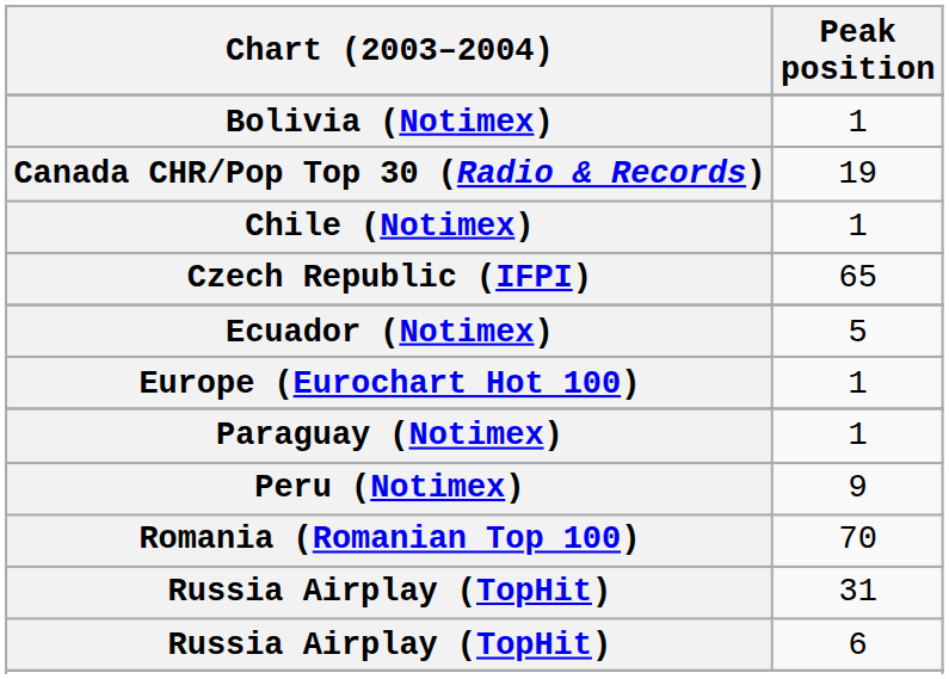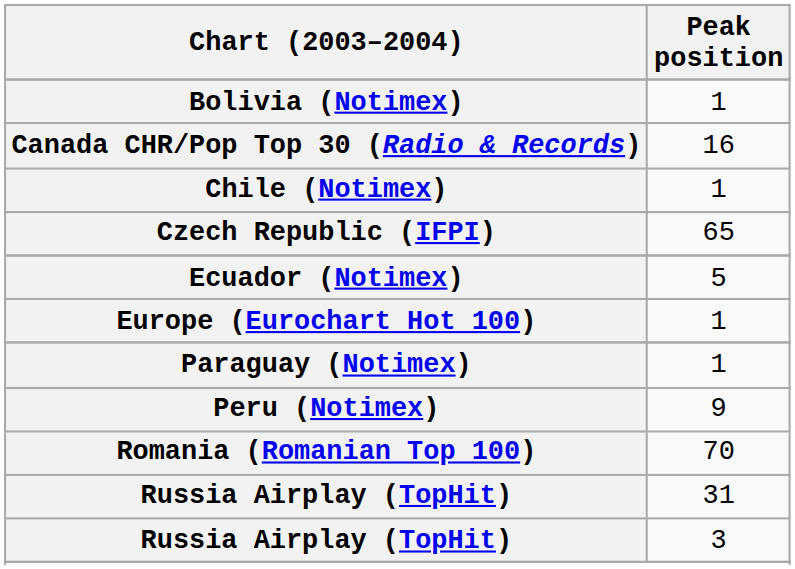 <table class="wikitable sortable plainrowheaders" style="text-align:center">
 <tr>
 <th scope="col">Chart (2003–2004)</th>
 <th scope="col">Peak<br>position</th>
 </tr>
 <tr>
 </tr>
 <tr>
 </tr>
 <tr>
 </tr>
 <tr>
 </tr>
 <tr>
 <th scope="row">Bolivia (<a href='#'>Notimex</a>)</th>
 <td>1</td>
 </tr>
 <tr>
 <th scope="row">Canada CHR/Pop Top 30 (<em><a href='#'>Radio & Records</a></em>)</th>
-<td>19</td>
+<td>16</td>
 </tr>
 <tr>
 <th scope="row">Chile (<a href='#'>Notimex</a>)</th>
 <td>1</td>
 </tr>
 <tr>
 </tr>
 <tr>
 </tr>
 <tr>
 <th scope="row">Czech Republic (<a href='#'>IFPI</a>)</th>
 <td>65</td>
 </tr>
 <tr>
 </tr>
 <tr>
 <th scope="row">Ecuador (<a href='#'>Notimex</a>)</th>
 <td>5</td>
 </tr>
 <tr>
 <th scope="row">Europe (<a href='#'>Eurochart Hot 100</a>)</th>
 <td>1</td>
 </tr>
 <tr>
 </tr>
 <tr>
 </tr>
 <tr>
 </tr>
 <tr>
 </tr>
 <tr>
 </tr>
 <tr>
 </tr>
 <tr>
 </tr>
 <tr>
 </tr>
 <tr>
 </tr>
 <tr>
 </tr>
 <tr>
 <th scope="row">Paraguay (<a href='#'>Notimex</a>)</th>
 <td>1</td>
 </tr>
 <tr>
 <th scope="row">Peru (<a href='#'>Notimex</a>)</th>
 <td>9</td>
 </tr>
 <tr>
 <th scope="row">Romania (<a href='#'>Romanian Top 100</a>)</th>
 <td>70</td>
 </tr>
 <tr>
 <th scope="row">Russia Airplay (<a href='#'>TopHit</a>)</th>
 <td>31</td>
 </tr>
 <tr>
 <th scope="row">Russia Airplay (<a href='#'>TopHit</a>)<br></th>
-<td>6</td>
+<td>3</td>
 </tr>
 <tr>
 </tr>
 <tr>
 </tr>
 <tr>
 </tr>
 <tr>
 </tr>
 <tr>
 </tr>
 </table>
